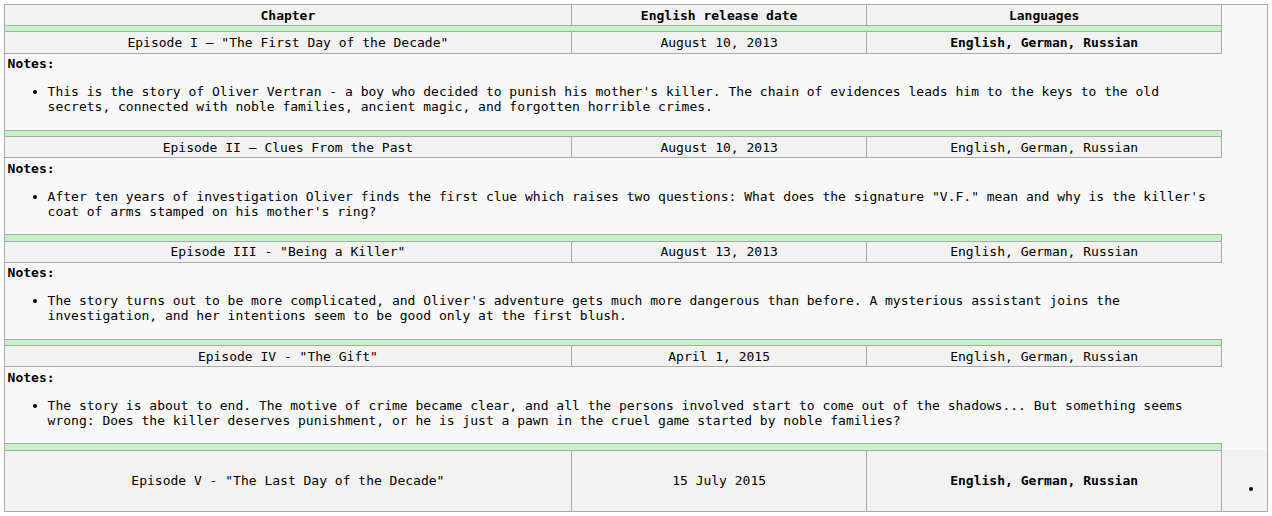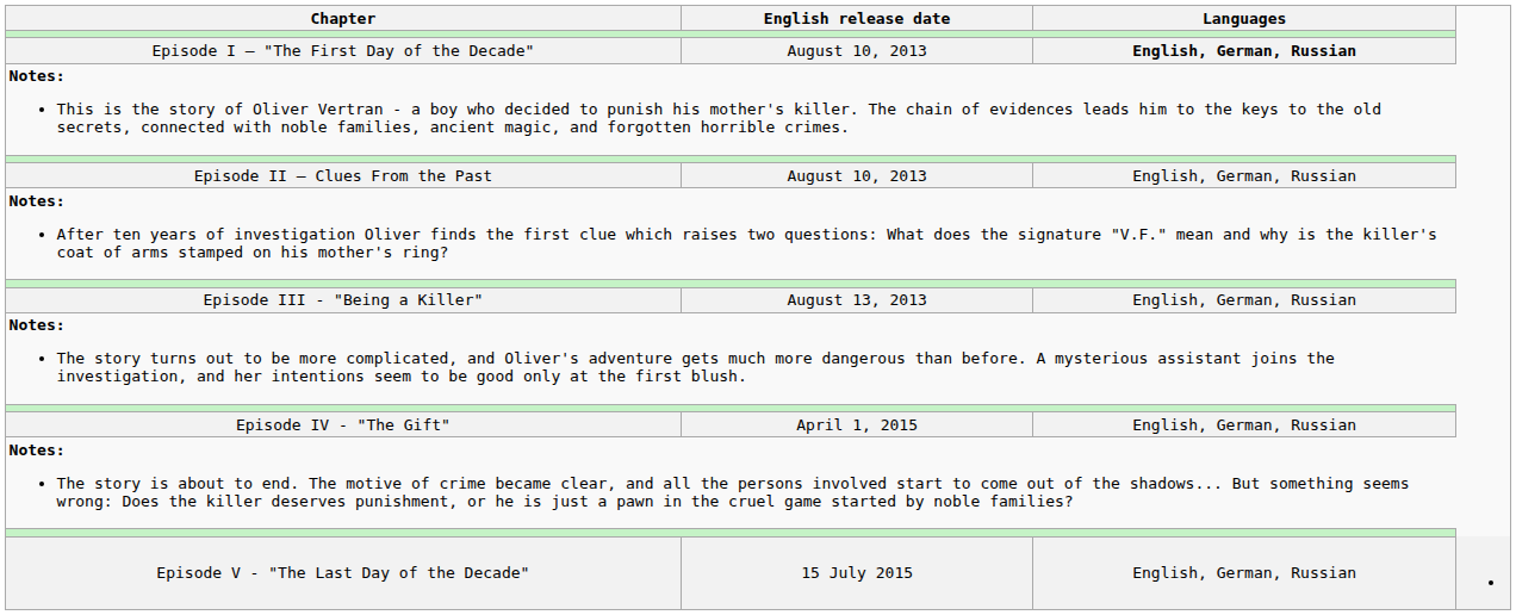 <table class="wikitable" style="width:100%;">
 <tr style="text-align: center;">
 <th>Chapter</th>
 <th>English release date</th>
 <th>Languages<br></th>
 </tr>
 <tr>
 <td colspan="3" style="background:#c5f3c6;"></td>
 </tr>
 <tr style="background:#f2f2f2; text-align:center;">
 <td>Episode I – "The First Day of the Decade"</td>
 <td>August 10, 2013</td>
 <td><strong>English, German, Russian</strong></td>
 </tr>
 <tr>
 <td colspan="3" style="border: none; vertical-align: top;"><strong>Notes:</strong><br><ul><li>This is the story of Oliver Vertran - a boy who decided to punish his mother's killer. The chain of evidences leads him to the keys to the old secrets, connected with noble families, ancient magic, and forgotten horrible crimes.</li></ul></td>
 </tr>
 <tr>
 <td colspan="3" style="background:#c5f3c6;"></td>
 </tr>
 <tr style="background:#f2f2f2; text-align:center;">
 <td>Episode II – Clues From the Past</td>
 <td>August 10, 2013</td>
 <td>English, German, Russian</td>
 </tr>
 <tr>
 <td colspan="3" style="border: none; vertical-align: top;"><strong>Notes:</strong><br><ul><li>After ten years of investigation Oliver finds the first clue which raises two questions: What does the signature "V.F." mean and why is the killer's coat of arms stamped on his mother's ring?</li></ul></td>
 </tr>
 <tr>
 <td colspan="3" style="background:#c5f3c6;"></td>
 </tr>
 <tr style="background:#f2f2f2; text-align:center;">
 <td>Episode III - "Being a Killer"</td>
 <td>August 13, 2013</td>
 <td>English, German, Russian</td>
 </tr>
 <tr>
 <td colspan="3" style="border: none; vertical-align: top;"><strong>Notes:</strong><br><ul><li>The story turns out to be more complicated, and Oliver's adventure gets much more dangerous than before. A mysterious assistant joins the investigation, and her intentions seem to be good only at the first blush.</li></ul></td>
 </tr>
 <tr>
 <td colspan="3" style="background:#c5f3c6;"></td>
 </tr>
 <tr style="background:#f2f2f2; text-align:center;">
 <td>Episode IV - "The Gift"</td>
 <td>April 1, 2015</td>
 <td>English, German, Russian</td>
 </tr>
 <tr>
 <td colspan="3" style="border: none; vertical-align: top;"><strong>Notes:</strong><br><ul><li>The story is about to end. The motive of crime became clear, and all the persons involved start to come out of the shadows... But something seems wrong: Does the killer deserves punishment, or he is just a pawn in the cruel game started by noble families?</li></ul></td>
 </tr>
 <tr>
 <td colspan="3" style="background:#c5f3c6;"></td>
 </tr>
 <tr style="background:#f2f2f2; text-align:center;">
 <td>Episode V - "The Last Day of the Decade"</td>
 <td>15 July 2015</td>
-<td><strong>English, German, Russian</strong></td>
+<td>English, German, Russian</td>
 <td colspan="3" style="border: none; vertical-align: top;"><br><ul><li></li></ul></td>
 </tr>
 </table>
